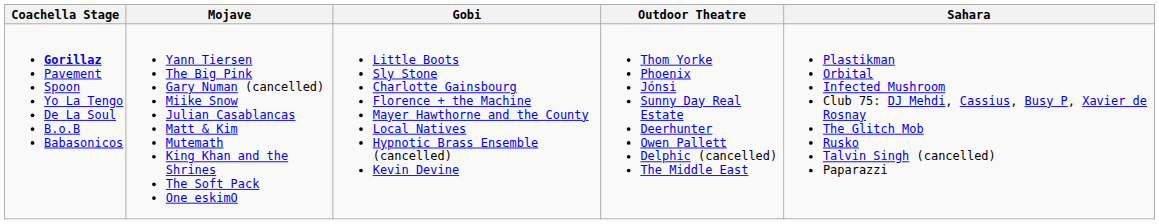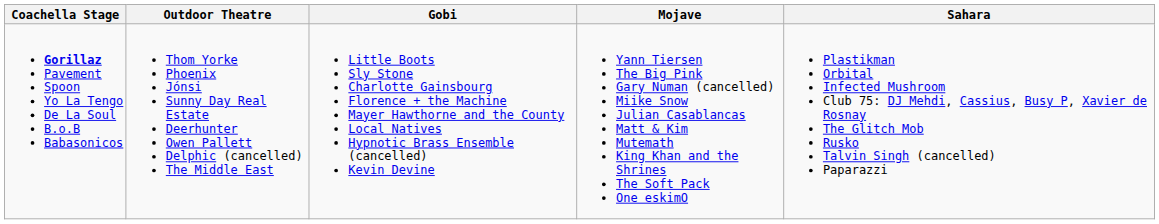 <table class="wikitable">
 <tr>
 <th>Coachella Stage</th>
+<th>Outdoor Theatre</th>
+<th>Gobi</th>
 <th>Mojave</th>
-<th>Gobi</th>
-<th>Outdoor Theatre</th>
 <th>Sahara</th>
 </tr>
 <tr valign="top">
 <td><br><ul><li><strong><a href='#'>Gorillaz</a></strong></li><li><a href='#'>Pavement</a></li><li><a href='#'>Spoon</a></li><li><a href='#'>Yo La Tengo</a></li><li><a href='#'>De La Soul</a></li><li><a href='#'>B.o.B</a></li><li><a href='#'>Babasonicos</a></li></ul></td>
+<td><br><ul><li><a href='#'>Thom Yorke</a></li><li><a href='#'>Phoenix</a></li><li><a href='#'>Jónsi</a></li><li><a href='#'>Sunny Day Real Estate</a></li><li><a href='#'>Deerhunter</a></li><li><a href='#'>Owen Pallett</a></li><li><a href='#'>Delphic</a> (cancelled)</li><li><a href='#'>The Middle East</a></li></ul></td>
+<td><br><ul><li><a href='#'>Little Boots</a></li><li><a href='#'>Sly Stone</a></li><li><a href='#'>Charlotte Gainsbourg</a></li><li><a href='#'>Florence + the Machine</a></li><li><a href='#'>Mayer Hawthorne and the County</a></li><li><a href='#'>Local Natives</a></li><li><a href='#'>Hypnotic Brass Ensemble</a> (cancelled)</li><li><a href='#'>Kevin Devine</a></li></ul></td>
 <td><br><ul><li><a href='#'>Yann Tiersen</a></li><li><a href='#'>The Big Pink</a></li><li><a href='#'>Gary Numan</a> (cancelled)</li><li><a href='#'>Miike Snow</a></li><li><a href='#'>Julian Casablancas</a></li><li><a href='#'>Matt & Kim</a></li><li><a href='#'>Mutemath</a></li><li><a href='#'>King Khan and the Shrines</a></li><li><a href='#'>The Soft Pack</a></li><li><a href='#'>One eskimO</a></li></ul></td>
-<td><br><ul><li><a href='#'>Little Boots</a></li><li><a href='#'>Sly Stone</a></li><li><a href='#'>Charlotte Gainsbourg</a></li><li><a href='#'>Florence + the Machine</a></li><li><a href='#'>Mayer Hawthorne and the County</a></li><li><a href='#'>Local Natives</a></li><li><a href='#'>Hypnotic Brass Ensemble</a> (cancelled)</li><li><a href='#'>Kevin Devine</a></li></ul></td>
-<td><br><ul><li><a href='#'>Thom Yorke</a></li><li><a href='#'>Phoenix</a></li><li><a href='#'>Jónsi</a></li><li><a href='#'>Sunny Day Real Estate</a></li><li><a href='#'>Deerhunter</a></li><li><a href='#'>Owen Pallett</a></li><li><a href='#'>Delphic</a> (cancelled)</li><li><a href='#'>The Middle East</a></li></ul></td>
 <td><br><ul><li><a href='#'>Plastikman</a></li><li><a href='#'>Orbital</a></li><li><a href='#'>Infected Mushroom</a></li><li>Club 75: <a href='#'>DJ Mehdi</a>, <a href='#'>Cassius</a>, <a href='#'>Busy P</a>, <a href='#'>Xavier de Rosnay</a></li><li><a href='#'>The Glitch Mob</a></li><li><a href='#'>Rusko</a></li><li><a href='#'>Talvin Singh</a> (cancelled)</li><li>Paparazzi</li></ul></td>
 </tr>
 </table>
